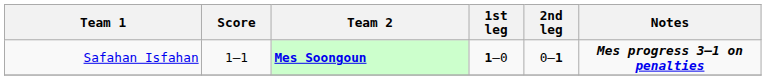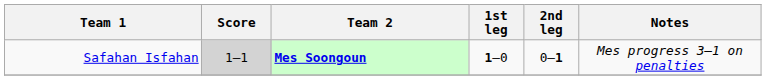 <table class="wikitable" style="text-align:center">
 <tr>
 <th width=195>Team 1</th>
 <th width=65>Score</th>
 <th width=195>Team 2</th>
 <th width=50>1st leg</th>
 <th width=50>2nd leg</th>
 <th width=180>Notes</th>
 </tr>
 <tr>
 <td align="right"><a href='#'>Safahan Isfahan</a></td>
-<td>1–1</td>
+<td style="background: lightgrey;">1–1</td>
 <td style="background:#cfc;" align="left"><strong><a href='#'>Mes Soongoun</a></strong></td>
 <td><strong>1</strong>–0</td>
 <td>0–<strong>1</strong></td>
-<td><strong><em>Mes progress 3–1 on <a href='#'>penalties</a></em></strong></td>
+<td><em>Mes progress 3–1 on <a href='#'>penalties</a></em></td>
 </tr>
 <tr>
 </tr>
 </table>
